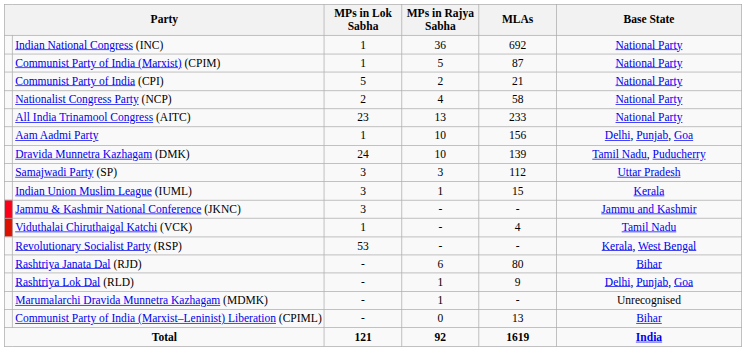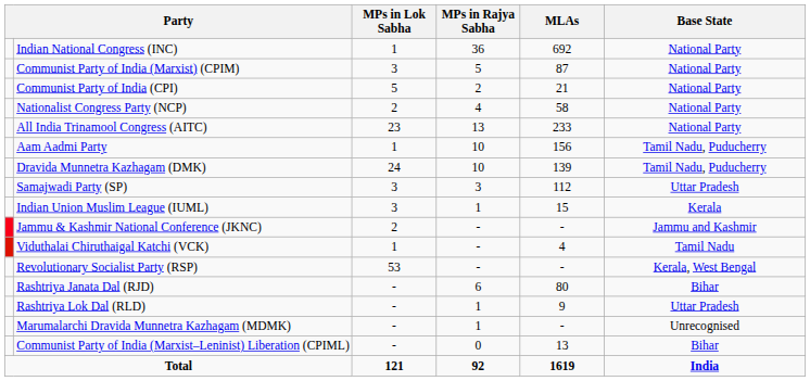 <table class="wikitable sortable">
 <tr>
 <th colspan="2" style="width:30px;">Party</th>
 <th style="width:100px;">MPs in Lok Sabha</th>
 <th style="width:100px;">MPs in Rajya Sabha</th>
 <th style="width:100px;">MLAs</th>
 <th style="width:250px;">Base State</th>
 </tr>
 <tr>
 <td width="4px" style="background-color: "></td>
 <td><a href='#'>Indian National Congress</a> (INC)</td>
 <td style="text-align: center;">1</td>
 <td style="text-align: center;">36</td>
 <td style="text-align: center;">692</td>
 <td style="text-align: center;"><a href='#'>National Party</a></td>
 </tr>
 <tr>
 <td width="4px" style="background-color: "></td>
 <td><a href='#'>Communist Party of India (Marxist)</a> (CPIM)</td>
-<td style="text-align: center;">1</td>
+<td style="text-align: center;">3</td>
 <td style="text-align: center;">5</td>
 <td style="text-align: center;">87</td>
 <td style="text-align: center;"><a href='#'>National Party</a></td>
 </tr>
 <tr>
 <td width="4px" style="background-color: "></td>
 <td><a href='#'>Communist Party of India</a> (CPI)</td>
 <td style="text-align: center;">5</td>
 <td style="text-align: center;">2</td>
 <td style="text-align: center;">21</td>
 <td style="text-align: center;"><a href='#'>National Party</a></td>
 </tr>
 <tr>
 <td width="4px" style="background-color: "></td>
 <td><a href='#'>Nationalist Congress Party</a> (NCP)</td>
 <td style="text-align: center;">2</td>
 <td style="text-align: center;">4</td>
 <td style="text-align: center;">58</td>
 <td style="text-align: center;"><a href='#'>National Party</a></td>
 </tr>
 <tr>
 <td width="4px" style="background-color: "></td>
 <td><a href='#'>All India Trinamool Congress</a> (AITC)</td>
 <td style="text-align: center;">23</td>
 <td style="text-align: center;">13</td>
 <td style="text-align: center;">233</td>
 <td style="text-align: center;"><a href='#'>National Party</a></td>
 </tr>
 <tr>
 <td style="background:"></td>
 <td><a href='#'>Aam Aadmi Party</a></td>
 <td style="text-align: center;">1</td>
 <td style="text-align: center;">10</td>
 <td style="text-align: center;">156</td>
-<td style="text-align: center;"><a href='#'>Delhi</a>, <a href='#'>Punjab</a>, <a href='#'>Goa</a></td>
+<td style="text-align: center;"><a href='#'>Tamil Nadu</a>, <a href='#'>Puducherry</a></td>
 </tr>
 <tr>
 <td width="4px" style="background-color: "></td>
 <td><a href='#'>Dravida Munnetra Kazhagam</a> (DMK)</td>
 <td style="text-align: center;">24</td>
 <td style="text-align: center;">10</td>
 <td style="text-align: center;">139</td>
 <td style="text-align: center;"><a href='#'>Tamil Nadu</a>, <a href='#'>Puducherry</a></td>
 </tr>
 <tr>
 <td width="4px" style="background-color: "></td>
 <td><a href='#'>Samajwadi Party</a> (SP)</td>
 <td style="text-align: center;">3</td>
 <td style="text-align: center;">3</td>
 <td style="text-align: center;">112</td>
 <td style="text-align: center;"><a href='#'>Uttar Pradesh</a></td>
 </tr>
 <tr>
 <td width="4px" style="background-color:"></td>
 <td><a href='#'>Indian Union Muslim League</a> (IUML)</td>
 <td style="text-align: center;">3</td>
 <td style="text-align: center;">1</td>
 <td style="text-align: center;">15</td>
 <td style="text-align: center;"><a href='#'>Kerala</a></td>
 </tr>
 <tr>
 <td width="4px" style="background-color:#fa0019"></td>
 <td><a href='#'>Jammu & Kashmir National Conference</a> (JKNC)</td>
-<td style="text-align: center;">3</td>
+<td style="text-align: center;">2</td>
 <td style="text-align: center;">-</td>
 <td style="text-align: center;">-</td>
 <td style="text-align: center;"><a href='#'>Jammu and Kashmir</a></td>
 </tr>
 <tr>
 <td width="4px" style="background-color:#d10;"></td>
 <td><a href='#'>Viduthalai Chiruthaigal Katchi</a> (VCK)</td>
 <td style="text-align: center;">1</td>
 <td style="text-align: center;">-</td>
 <td style="text-align: center;">4</td>
 <td style="text-align: center;"><a href='#'>Tamil Nadu</a></td>
 </tr>
 <tr>
 <td width="4px" style="background-color:"></td>
 <td><a href='#'>Revolutionary Socialist Party</a> (RSP)</td>
 <td style="text-align: center;">53</td>
 <td style="text-align: center;">-</td>
 <td style="text-align: center;">-</td>
 <td style="text-align: center;"><a href='#'>Kerala</a>, <a href='#'>West Bengal</a></td>
 </tr>
 <tr>
 <td width="4px" style="background-color:"></td>
 <td><a href='#'>Rashtriya Janata Dal</a> (RJD)</td>
 <td style="text-align: center;">-</td>
 <td style="text-align: center;">6</td>
 <td style="text-align: center;">80</td>
 <td style="text-align: center;"><a href='#'>Bihar</a></td>
 </tr>
 <tr>
 <td width="4px" style="background-color:"></td>
 <td><a href='#'>Rashtriya Lok Dal</a> (RLD)</td>
 <td style="text-align: center;">-</td>
 <td style="text-align: center;">1</td>
 <td style="text-align: center;">9</td>
-<td style="text-align: center;"><a href='#'>Delhi</a>, <a href='#'>Punjab</a>, <a href='#'>Goa</a></td>
+<td style="text-align: center;"><a href='#'>Uttar Pradesh</a></td>
 </tr>
 <tr>
 <td width="4px" style="background-color:"></td>
 <td><a href='#'>Marumalarchi Dravida Munnetra Kazhagam</a> (MDMK)</td>
 <td style="text-align: center;">-</td>
 <td style="text-align: center;">1</td>
 <td style="text-align: center;">-</td>
 <td style="text-align: center;">Unrecognised</td>
 </tr>
 <tr>
 <td width="4px" style="background-color:"></td>
 <td><a href='#'>Communist Party of India (Marxist–Leninist) Liberation</a> (CPIML)</td>
 <td style="text-align: center;">-</td>
 <td style="text-align: center;">0</td>
 <td style="text-align: center;">13</td>
 <td style="text-align: center;"><a href='#'>Bihar</a></td>
 </tr>
 <tr>
 <td colspan="2" style="text-align: center;"><strong>Total</strong></td>
 <td style="text-align: center;"><strong>121</strong></td>
 <td style="text-align: center;"><strong>92</strong></td>
 <td style="text-align: center;"><strong>1619</strong></td>
 <td style="text-align: center;"><strong><a href='#'>India</a></strong></td>
 </tr>
 </table>
